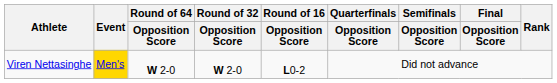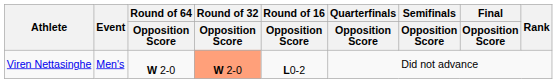 <table class=wikitable style="font-size:90%">
 <tr>
 <th rowspan="2">Athlete</th>
 <th rowspan="2">Event</th>
 <th>Round of 64</th>
 <th>Round of 32</th>
 <th>Round of 16</th>
 <th>Quarterfinals</th>
 <th>Semifinals</th>
 <th>Final</th>
 <th rowspan=2>Rank</th>
 </tr>
 <tr>
 <th>Opposition<br>Score</th>
 <th>Opposition<br>Score</th>
 <th>Opposition<br>Score</th>
 <th>Opposition<br>Score</th>
 <th>Opposition<br>Score</th>
 <th>Opposition<br>Score</th>
 </tr>
 <tr align=center>
 <td align=left><a href='#'>Viren Nettasinghe</a></td>
-<td align=left style="background: gold;"><a href='#'>Men's</a></td>
+<td align=left><a href='#'>Men's</a></td>
 <td><br> <strong>W</strong> 2-0</td>
-<td><br> <strong>W</strong> 2-0</td>
+<td style="background: lightsalmon;"><br> <strong>W</strong> 2-0</td>
 <td><br><strong>L</strong>0-2</td>
 <td colspan=4>Did not advance</td>
 </tr>
 </table>
